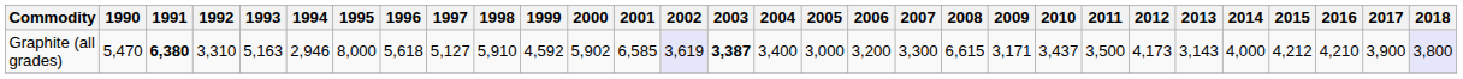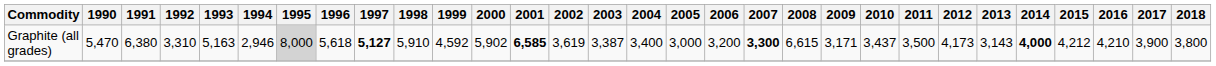 <table class="wikitable">
 <tr>
 <th>Commodity</th>
 <th>1990</th>
 <th>1991</th>
 <th>1992</th>
 <th>1993</th>
 <th>1994</th>
 <th>1995</th>
 <th>1996</th>
 <th>1997</th>
 <th>1998</th>
 <th>1999</th>
 <th>2000</th>
 <th>2001</th>
 <th>2002</th>
 <th>2003</th>
 <th>2004</th>
 <th>2005</th>
 <th>2006</th>
 <th>2007</th>
 <th>2008</th>
 <th>2009</th>
 <th>2010</th>
 <th>2011</th>
 <th>2012</th>
 <th>2013</th>
 <th>2014</th>
 <th>2015</th>
 <th>2016</th>
 <th>2017</th>
 <th>2018</th>
 </tr>
 <tr>
 <td>Graphite (all grades)</td>
 <td>5,470</td>
-<td><strong>6,380</strong></td>
+<td>6,380</td>
 <td>3,310</td>
 <td>5,163</td>
 <td>2,946</td>
-<td>8,000</td>
+<td style="background: lightgrey;">8,000</td>
 <td>5,618</td>
-<td>5,127</td>
+<td><strong>5,127</strong></td>
 <td>5,910</td>
 <td>4,592</td>
 <td>5,902</td>
-<td>6,585</td>
-<td style="background: lavender;">3,619</td>
-<td><strong>3,387</strong></td>
+<td><strong>6,585</strong></td>
+<td>3,619</td>
+<td>3,387</td>
 <td>3,400</td>
 <td>3,000</td>
 <td>3,200</td>
-<td>3,300</td>
+<td><strong>3,300</strong></td>
 <td>6,615</td>
 <td>3,171</td>
 <td>3,437</td>
 <td>3,500</td>
 <td>4,173</td>
 <td>3,143</td>
-<td>4,000</td>
+<td><strong>4,000</strong></td>
 <td>4,212</td>
 <td>4,210</td>
 <td>3,900</td>
-<td style="background: lavender;">3,800</td>
+<td>3,800</td>
 </tr>
 <tr>
 </tr>
 </table>
